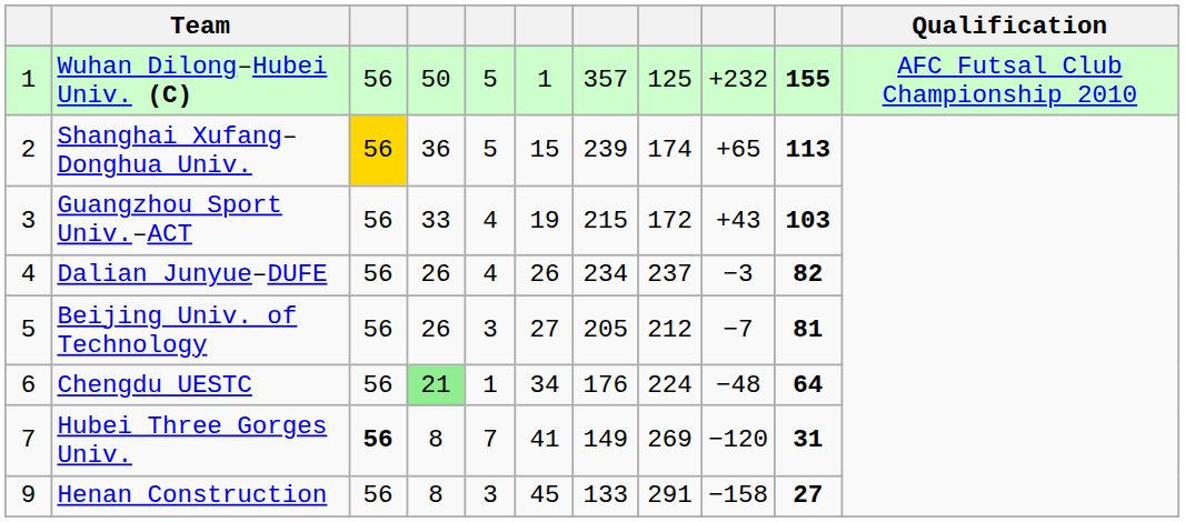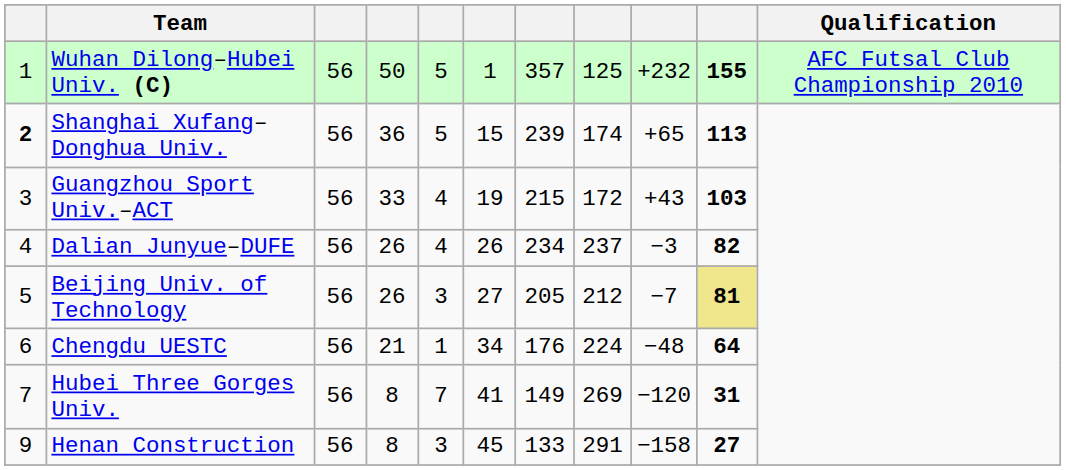 <table class="wikitable sortable" style="text-align:center">
 <tr>
 <th width=25></th>
 <th width=190>Team</th>
 <th width=30></th>
 <th width=30></th>
 <th width=30></th>
 <th width=30></th>
 <th width=30></th>
 <th width=30></th>
 <th width=32></th>
 <th width=32></th>
 <th width=220>Qualification</th>
 </tr>
 <tr bgcolor="#ccffcc">
 <td>1</td>
 <td align=left><a href='#'>Wuhan Dilong</a>–<a href='#'>Hubei Univ.</a>  <strong>(C)</strong></td>
 <td>56</td>
 <td>50</td>
 <td>5</td>
 <td>1</td>
 <td>357</td>
 <td>125</td>
 <td>+232</td>
 <td><strong>155</strong></td>
 <td><a href='#'>AFC Futsal Club Championship 2010</a></td>
 </tr>
 <tr>
-<td>2</td>
+<td><strong>2</strong></td>
 <td align=left><a href='#'>Shanghai Xufang</a>–<a href='#'>Donghua Univ.</a></td>
-<td style="background: gold;">56</td>
+<td>56</td>
 <td>36</td>
 <td>5</td>
 <td>15</td>
 <td>239</td>
 <td>174</td>
 <td>+65</td>
 <td><strong>113</strong></td>
 </tr>
 <tr>
 <td>3</td>
 <td align=left><a href='#'>Guangzhou Sport Univ.</a>–<a href='#'>ACT</a></td>
 <td>56</td>
 <td>33</td>
 <td>4</td>
 <td>19</td>
 <td>215</td>
 <td>172</td>
 <td>+43</td>
 <td><strong>103</strong></td>
 </tr>
 <tr>
 <td>4</td>
 <td align=left><a href='#'>Dalian Junyue</a>–<a href='#'>DUFE</a></td>
 <td>56</td>
 <td>26</td>
 <td>4</td>
 <td>26</td>
 <td>234</td>
 <td>237</td>
 <td>−3</td>
 <td><strong>82</strong></td>
 </tr>
 <tr>
 <td>5</td>
 <td align=left><a href='#'>Beijing Univ. of Technology</a></td>
 <td>56</td>
 <td>26</td>
 <td>3</td>
 <td>27</td>
 <td>205</td>
 <td>212</td>
 <td>−7</td>
-<td><strong>81</strong></td>
+<td style="background: khaki;"><strong>81</strong></td>
 </tr>
 <tr>
 <td>6</td>
 <td align=left><a href='#'>Chengdu UESTC</a></td>
 <td>56</td>
-<td style="background: lightgreen;">21</td>
+<td>21</td>
 <td>1</td>
 <td>34</td>
 <td>176</td>
 <td>224</td>
 <td>−48</td>
 <td><strong>64</strong></td>
 </tr>
 <tr>
 <td>7</td>
 <td align=left><a href='#'>Hubei Three Gorges Univ.</a></td>
-<td><strong>56</strong></td>
+<td>56</td>
 <td>8</td>
 <td>7</td>
 <td>41</td>
 <td>149</td>
 <td>269</td>
 <td>−120</td>
 <td><strong>31</strong></td>
 </tr>
 <tr>
 <td>9</td>
 <td align=left><a href='#'>Henan Construction</a></td>
 <td>56</td>
 <td>8</td>
 <td>3</td>
 <td>45</td>
 <td>133</td>
 <td>291</td>
 <td>−158</td>
 <td><strong>27</strong></td>
 </tr>
 </table>
